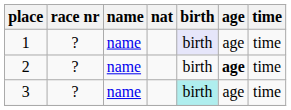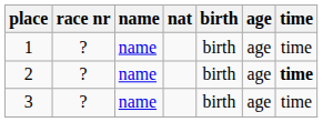 <table class="wikitable" border="1" style="text-align:center">
 <tr>
 <th>place</th>
 <th>race nr</th>
 <th>name</th>
 <th>nat</th>
 <th>birth</th>
 <th>age</th>
 <th>time</th>
 </tr>
 <tr>
 <td>1</td>
 <td>?</td>
 <td align=left><a href='#'>name</a></td>
 <td align=left></td>
-<td style="background: lavender;">birth</td>
+<td>birth</td>
 <td>age</td>
 <td>time</td>
 </tr>
 <tr>
 <td>2</td>
 <td>?</td>
 <td align=left><a href='#'>name</a></td>
 <td align=left></td>
 <td>birth</td>
-<td><strong>age</strong></td>
-<td>time</td>
+<td>age</td>
+<td><strong>time</strong></td>
 </tr>
 <tr>
 <td>3</td>
 <td>?</td>
 <td align=left><a href='#'>name</a></td>
 <td align=left></td>
-<td style="background: paleturquoise;">birth</td>
+<td>birth</td>
 <td>age</td>
 <td>time</td>
 </tr>
 <tr>
 </tr>
 </table>
